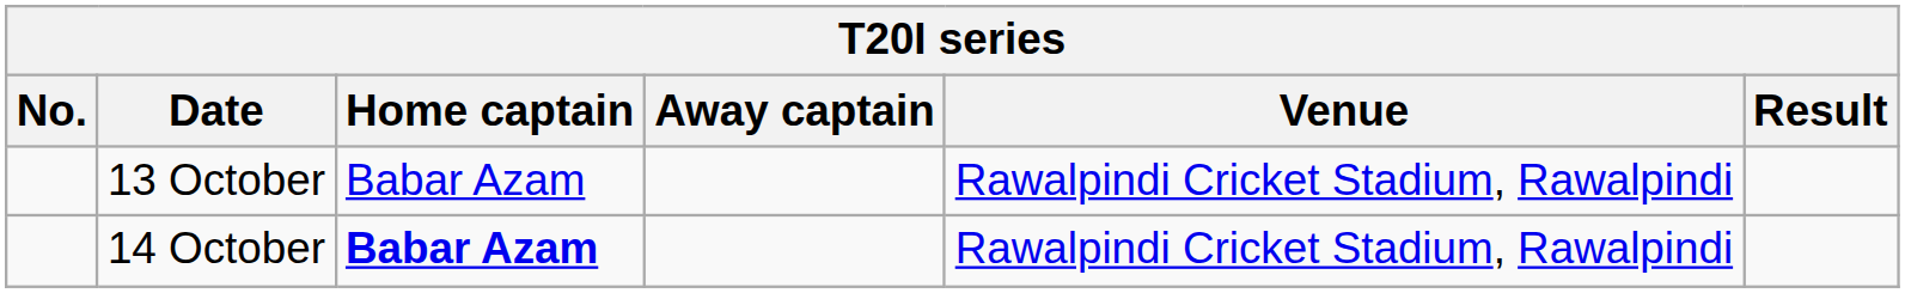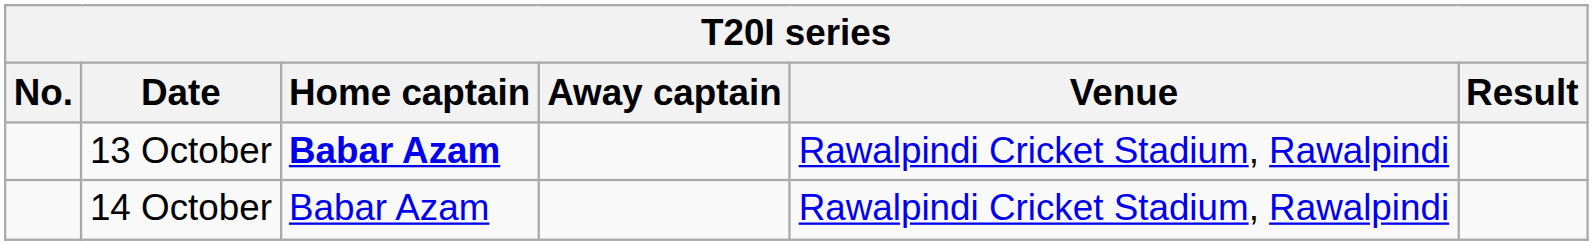 <table class="wikitable">
 <tr>
 <th colspan="9">T20I series</th>
 </tr>
 <tr>
 <th>No.</th>
 <th>Date</th>
 <th>Home captain</th>
 <th>Away captain</th>
 <th>Venue</th>
 <th>Result</th>
 </tr>
 <tr>
 <td></td>
 <td>13 October</td>
-<td><a href='#'>Babar Azam</a></td>
+<td><strong><a href='#'>Babar Azam</a></strong></td>
 <td></td>
 <td><a href='#'>Rawalpindi Cricket Stadium</a>, <a href='#'>Rawalpindi</a></td>
 <td></td>
 </tr>
 <tr>
 <td></td>
 <td>14 October</td>
-<td><strong><a href='#'>Babar Azam</a></strong></td>
+<td><a href='#'>Babar Azam</a></td>
 <td></td>
 <td><a href='#'>Rawalpindi Cricket Stadium</a>, <a href='#'>Rawalpindi</a></td>
 <td></td>
 </tr>
 </table>
